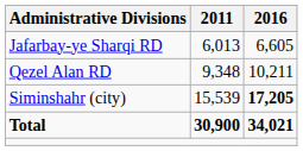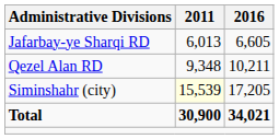 <table class="wikitable">
 <tr>
 <th>Administrative Divisions</th>
 <th>2011</th>
 <th>2016</th>
 </tr>
 <tr>
 <td><a href='#'>Jafarbay-ye Sharqi RD</a></td>
 <td style="text-align: right;">6,013</td>
 <td style="text-align: right;">6,605</td>
 </tr>
 <tr>
 <td><a href='#'>Qezel Alan RD</a></td>
 <td style="text-align: right;">9,348</td>
 <td style="text-align: right;">10,211</td>
 </tr>
 <tr>
 <td><a href='#'>Siminshahr</a> (city)</td>
-<td style="text-align: right;">15,539</td>
-<td style="text-align: right;"><strong>17,205</strong></td>
+<td style="background: lightyellow; text-align: right;">15,539</td>
+<td style="text-align: right;">17,205</td>
 </tr>
 <tr>
 <td><strong>Total</strong></td>
 <td style="text-align: right;"><strong>30,900</strong></td>
 <td style="text-align: right;"><strong>34,021</strong></td>
 </tr>
 <tr>
 <td colspan=3></td>
 </tr>
 </table>
